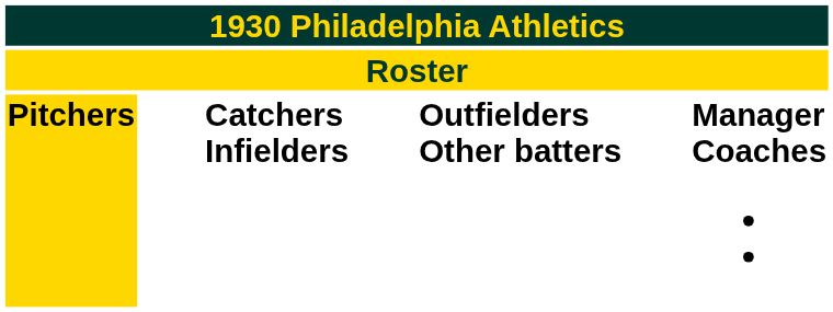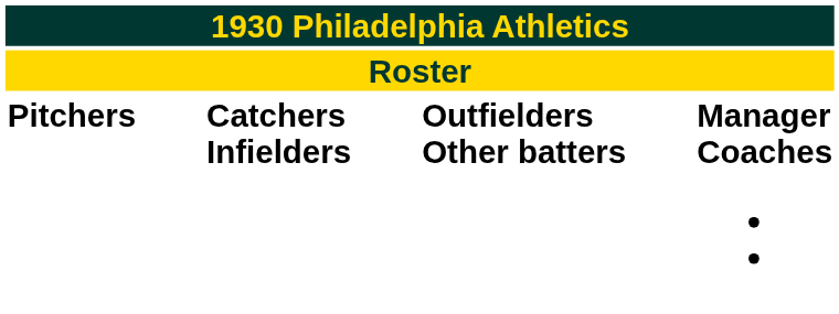 <table class="toccolours" style="font-size: 95%;">
 <tr>
 <th colspan="10" style="background-color: #003831; color: #FFD800; text-align: center;">1930 Philadelphia Athletics</th>
 </tr>
 <tr>
 <td colspan="10" style="background-color: #FFD800; color: #003831; text-align: center;"><strong>Roster</strong></td>
 </tr>
 <tr>
-<td valign="top" style="background: gold;"><strong>Pitchers</strong><br>          </td>
+<td valign="top"><strong>Pitchers</strong><br>          </td>
 <td width="25px"></td>
 <td valign="top"><strong>Catchers</strong><br>   <strong>Infielders</strong>        </td>
 <td width="25px"></td>
 <td valign="top"><strong>Outfielders</strong><br>       <strong>Other batters</strong> </td>
 <td width="25px"></td>
 <td valign="top"><strong>Manager</strong><br> <strong>Coaches</strong><ul><li></li><li></li></ul></td>
 </tr>
 </table>
